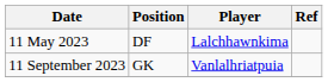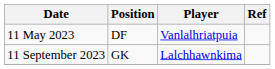 <table class="wikitable plainrowheaders" style="text-align:center; text-align:left">
 <tr>
 <th scope="col">Date</th>
 <th scope="col">Position</th>
 <th scope="col">Player</th>
 <th scope="col">Ref</th>
 </tr>
 <tr>
 <td>11 May 2023</td>
 <td>DF</td>
-<td> <a href='#'>Lalchhawnkima</a></td>
+<td> <a href='#'>Vanlalhriatpuia</a></td>
 <td></td>
 </tr>
 <tr>
 <td>11 September 2023</td>
 <td>GK</td>
-<td> <a href='#'>Vanlalhriatpuia</a></td>
+<td> <a href='#'>Lalchhawnkima</a></td>
 <td></td>
 </tr>
 <tr>
 </tr>
 </table>
